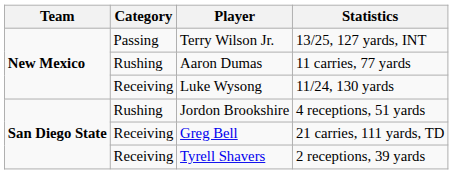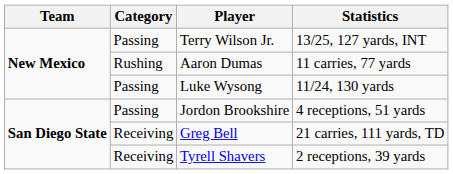 <table class="wikitable" style="float: left;">
 <tr>
 <th>Team</th>
 <th>Category</th>
 <th>Player</th>
 <th>Statistics</th>
 </tr>
 <tr>
 <td rowspan=3><strong>New Mexico</strong></td>
 <td>Passing</td>
 <td>Terry Wilson Jr.</td>
 <td>13/25, 127 yards, INT</td>
 </tr>
 <tr>
 <td>Rushing</td>
 <td>Aaron Dumas</td>
 <td>11 carries, 77 yards</td>
 </tr>
 <tr>
-<td>Receiving</td>
+<td>Passing</td>
 <td>Luke Wysong</td>
 <td>11/24, 130 yards</td>
 </tr>
 <tr>
 <td rowspan=3><strong>San Diego State</strong></td>
-<td>Rushing</td>
+<td>Passing</td>
 <td>Jordon Brookshire</td>
 <td>4 receptions, 51 yards</td>
 </tr>
 <tr>
 <td>Receiving</td>
 <td><a href='#'>Greg Bell</a></td>
 <td>21 carries, 111 yards, TD</td>
 </tr>
 <tr>
 <td>Receiving</td>
 <td><a href='#'>Tyrell Shavers</a></td>
 <td>2 receptions, 39 yards</td>
 </tr>
 </table>
